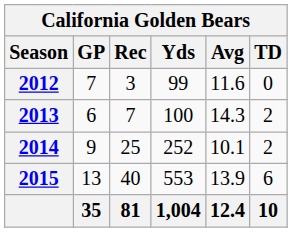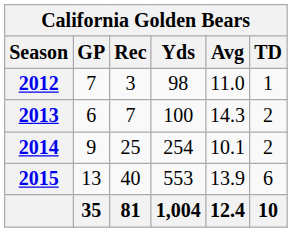 <table class="wikitable" style="text-align: center;">
 <tr>
 <th colspan="15">California Golden Bears</th>
 </tr>
 <tr>
 <th>Season</th>
 <th>GP</th>
 <th>Rec</th>
 <th>Yds</th>
 <th>Avg</th>
 <th>TD</th>
 </tr>
 <tr>
 <th><a href='#'>2012</a></th>
 <td>7</td>
 <td>3</td>
-<td>99</td>
-<td>11.6</td>
-<td>0</td>
+<td>98</td>
+<td>11.0</td>
+<td>1</td>
 </tr>
 <tr>
 <th><a href='#'>2013</a></th>
 <td>6</td>
 <td>7</td>
 <td>100</td>
 <td>14.3</td>
 <td>2</td>
 </tr>
 <tr>
 <th><a href='#'>2014</a></th>
 <td>9</td>
 <td>25</td>
-<td>252</td>
+<td>254</td>
 <td>10.1</td>
 <td>2</td>
 </tr>
 <tr>
 <th><a href='#'>2015</a></th>
 <td>13</td>
 <td>40</td>
 <td>553</td>
 <td>13.9</td>
 <td>6</td>
 </tr>
 <tr>
 <th></th>
 <th>35</th>
 <th>81</th>
 <th>1,004</th>
 <th>12.4</th>
 <th>10</th>
 </tr>
 </table>
